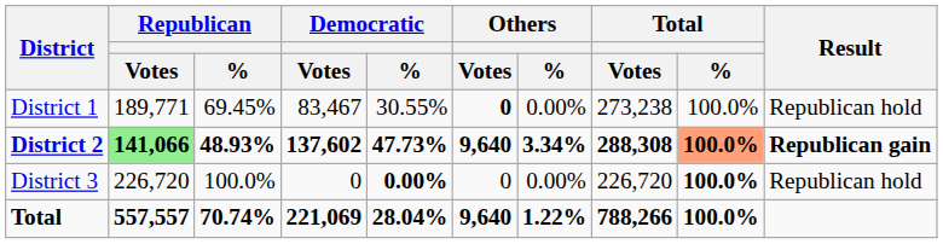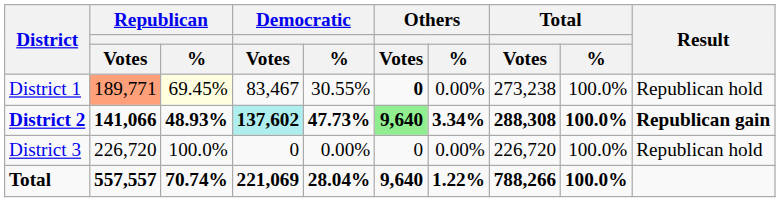 <table class="wikitable plainrowheaders sortable" style="font-size:100%; text-align:right;">
 <tr>
 <th scope=col rowspan=3><a href='#'>District</a></th>
 <th scope=col colspan=2><a href='#'>Republican</a></th>
 <th scope=col colspan=2><a href='#'>Democratic</a></th>
 <th scope=col colspan=2>Others</th>
 <th scope=col colspan=2>Total</th>
 <th scope=col rowspan=3>Result</th>
 </tr>
 <tr>
 <th scope=col colspan=2 style="background:"></th>
 <th scope=col colspan=2 style="background:"></th>
 <th scope=col colspan=2></th>
 <th scope=col colspan=2></th>
 </tr>
 <tr>
 <th scope=col data-sort-type="number">Votes</th>
 <th scope=col data-sort-type="number">%</th>
 <th scope=col data-sort-type="number">Votes</th>
 <th scope=col data-sort-type="number">%</th>
 <th scope=col data-sort-type="number">Votes</th>
 <th scope=col data-sort-type="number">%</th>
 <th scope=col data-sort-type="number">Votes</th>
 <th scope=col data-sort-type="number">%</th>
 </tr>
 <tr>
 <td align=left><a href='#'>District 1</a></td>
-<td>189,771</td>
-<td>69.45%</td>
+<td style="background: lightsalmon;">189,771</td>
+<td style="background: lightyellow;">69.45%</td>
 <td>83,467</td>
 <td>30.55%</td>
 <td><strong>0</strong></td>
 <td>0.00%</td>
 <td>273,238</td>
 <td>100.0%</td>
 <td align=left>Republican hold</td>
 </tr>
 <tr>
 <td align=left><strong><a href='#'>District 2</a></strong></td>
-<td style="background: lightgreen;"><strong>141,066</strong></td>
+<td><strong>141,066</strong></td>
 <td><strong>48.93%</strong></td>
-<td><strong>137,602</strong></td>
+<td style="background: paleturquoise;"><strong>137,602</strong></td>
 <td><strong>47.73%</strong></td>
-<td><strong>9,640</strong></td>
+<td style="background: lightgreen;"><strong>9,640</strong></td>
 <td><strong>3.34%</strong></td>
 <td><strong>288,308</strong></td>
-<td style="background: lightsalmon;"><strong>100.0%</strong></td>
+<td><strong>100.0%</strong></td>
 <td align=left><strong>Republican gain</strong></td>
 </tr>
 <tr>
 <td align=left><a href='#'>District 3</a></td>
 <td>226,720</td>
 <td>100.0%</td>
 <td>0</td>
-<td><strong>0.00%</strong></td>
+<td>0.00%</td>
 <td>0</td>
 <td>0.00%</td>
 <td>226,720</td>
-<td><strong>100.0%</strong></td>
+<td>100.0%</td>
 <td align=left>Republican hold</td>
 </tr>
 <tr class="sortbottom" style="font-weight:bold">
 <td align=left>Total</td>
 <td>557,557</td>
 <td>70.74%</td>
 <td>221,069</td>
 <td>28.04%</td>
 <td>9,640</td>
 <td>1.22%</td>
 <td>788,266</td>
 <td>100.0%</td>
 <td></td>
 </tr>
 </table>
